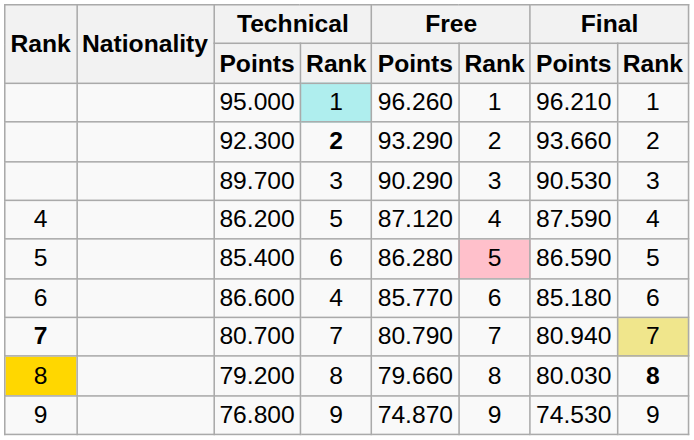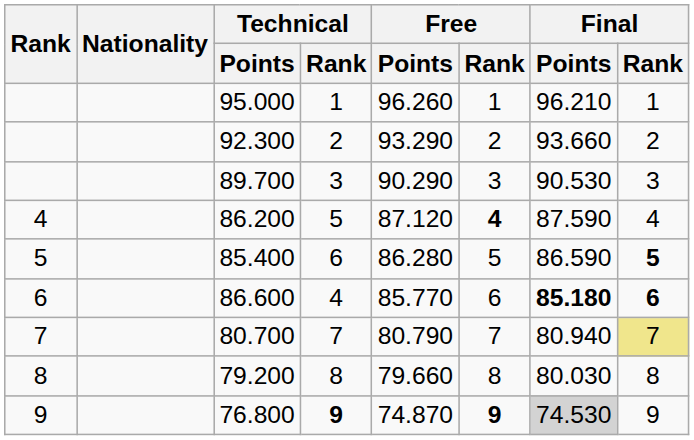 <table class="wikitable" style="text-align:center">
 <tr>
 <th rowspan="2">Rank</th>
 <th rowspan="2">Nationality</th>
 <th colspan="2">Technical</th>
 <th colspan="2">Free</th>
 <th colspan="2">Final</th>
 </tr>
 <tr>
 <th>Points</th>
 <th>Rank</th>
 <th>Points</th>
 <th>Rank</th>
 <th>Points</th>
 <th>Rank</th>
 </tr>
 <tr>
 <td></td>
 <td align=left></td>
 <td>95.000</td>
-<td style="background: paleturquoise;">1</td>
+<td>1</td>
 <td>96.260</td>
 <td>1</td>
 <td>96.210</td>
 <td>1</td>
 </tr>
 <tr>
 <td></td>
 <td align=left></td>
 <td>92.300</td>
-<td><strong>2</strong></td>
+<td>2</td>
 <td>93.290</td>
 <td>2</td>
 <td>93.660</td>
 <td>2</td>
 </tr>
 <tr>
 <td></td>
 <td align=left></td>
 <td>89.700</td>
 <td>3</td>
 <td>90.290</td>
 <td>3</td>
 <td>90.530</td>
 <td>3</td>
 </tr>
 <tr>
 <td>4</td>
 <td align=left></td>
 <td>86.200</td>
 <td>5</td>
 <td>87.120</td>
-<td>4</td>
+<td><strong>4</strong></td>
 <td>87.590</td>
 <td>4</td>
 </tr>
 <tr>
 <td>5</td>
 <td align=left></td>
 <td>85.400</td>
 <td>6</td>
 <td>86.280</td>
-<td style="background: pink;">5</td>
+<td>5</td>
 <td>86.590</td>
-<td>5</td>
+<td><strong>5</strong></td>
 </tr>
 <tr>
 <td>6</td>
 <td align=left></td>
 <td>86.600</td>
 <td>4</td>
 <td>85.770</td>
 <td>6</td>
-<td>85.180</td>
-<td>6</td>
+<td><strong>85.180</strong></td>
+<td><strong>6</strong></td>
 </tr>
 <tr>
-<td><strong>7</strong></td>
+<td>7</td>
 <td align=left></td>
 <td>80.700</td>
 <td>7</td>
 <td>80.790</td>
 <td>7</td>
 <td>80.940</td>
 <td style="background: khaki;">7</td>
 </tr>
 <tr>
-<td style="background: gold;">8</td>
+<td>8</td>
 <td align=left></td>
 <td>79.200</td>
 <td>8</td>
 <td>79.660</td>
 <td>8</td>
 <td>80.030</td>
-<td><strong>8</strong></td>
+<td>8</td>
 </tr>
 <tr>
 <td>9</td>
 <td align=left></td>
 <td>76.800</td>
-<td>9</td>
+<td><strong>9</strong></td>
 <td>74.870</td>
-<td>9</td>
-<td>74.530</td>
+<td><strong>9</strong></td>
+<td style="background: lightgrey;">74.530</td>
 <td>9</td>
 </tr>
 </table>
